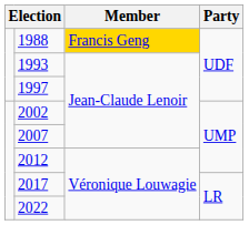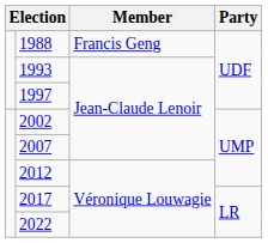 <table class="wikitable">
 <tr>
 <th colspan=2>Election</th>
 <th>Member</th>
 <th>Party</th>
 </tr>
 <tr>
 <td rowspan="3" style="background-color: "></td>
 <td><a href='#'>1988</a></td>
-<td style="background: gold;"><a href='#'>Francis Geng</a></td>
+<td><a href='#'>Francis Geng</a></td>
 <td rowspan="3"><a href='#'>UDF</a></td>
 </tr>
 <tr>
 <td><a href='#'>1993</a></td>
 <td rowspan="4"><a href='#'>Jean-Claude Lenoir</a></td>
 </tr>
 <tr>
 <td><a href='#'>1997</a></td>
 </tr>
 <tr>
 <td rowspan="5" style="background-color: "></td>
 <td><a href='#'>2002</a></td>
 <td rowspan="3"><a href='#'>UMP</a></td>
 </tr>
 <tr>
 <td><a href='#'>2007</a></td>
 </tr>
 <tr>
 <td><a href='#'>2012</a></td>
 <td rowspan="3"><a href='#'>Véronique Louwagie</a></td>
 </tr>
 <tr>
 <td><a href='#'>2017</a></td>
 <td rowspan="2"><a href='#'>LR</a></td>
 </tr>
 <tr>
 <td><a href='#'>2022</a></td>
 </tr>
 </table>
